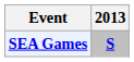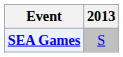 <table class="wikitable" style="font-size: 90%; text-align:center">
 <tr>
 <th>Event</th>
 <th>2013</th>
 </tr>
 <tr>
 <td bgcolor="#ECF2FF"; align="left"><strong><a href='#'>SEA Games</a></strong></td>
-<td bgcolor=silver><strong><a href='#'>S</a></strong></td>
+<td bgcolor=silver><a href='#'>S</a></td>
 </tr>
 </table>
